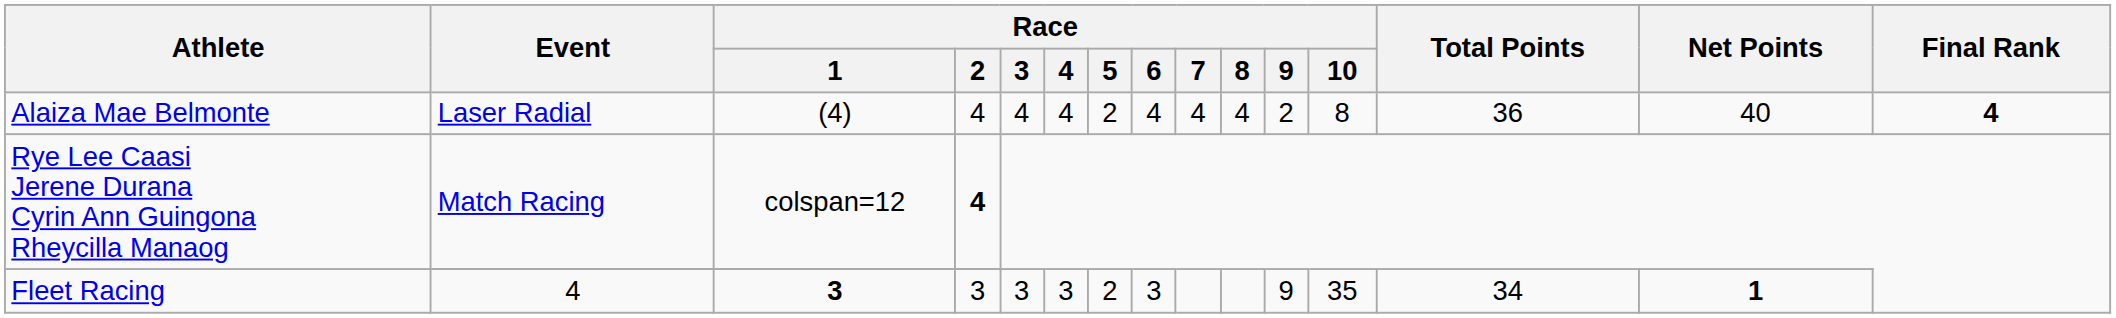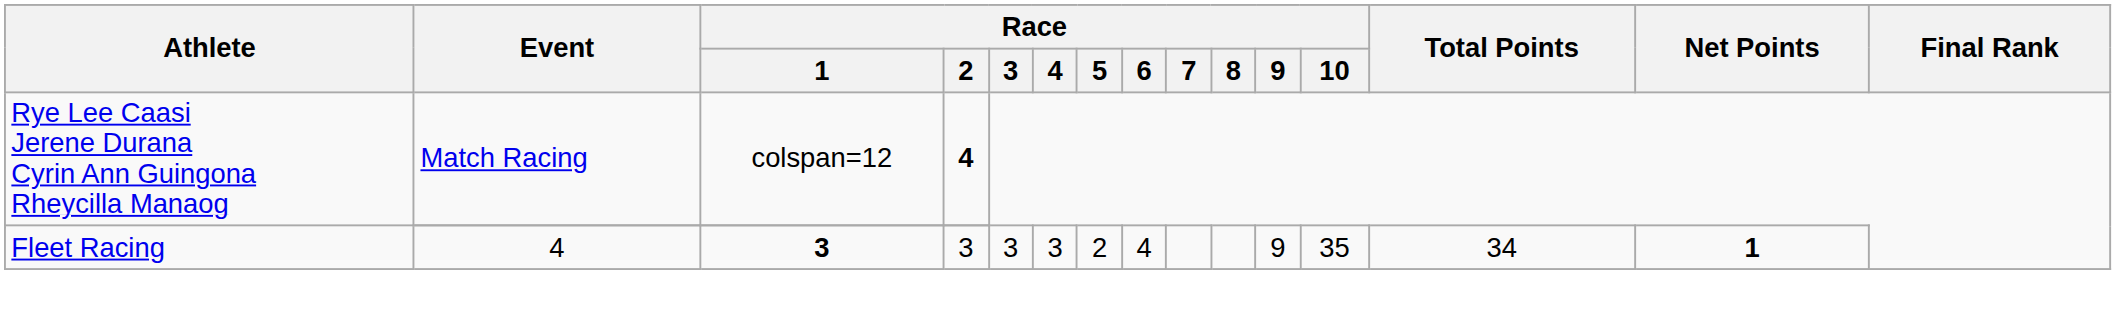 <table class="wikitable" width="70%" style="text-align:left; font-size:90%">
 <tr>
 <th rowspan=2>Athlete</th>
 <th rowspan=2>Event</th>
 <th colspan=10>Race</th>
 <th rowspan=2>Total Points</th>
 <th rowspan=2>Net Points</th>
 <th rowspan=2>Final Rank</th>
 </tr>
 <tr>
 <th>1</th>
 <th>2</th>
 <th>3</th>
 <th>4</th>
 <th>5</th>
 <th>6</th>
 <th>7</th>
 <th>8</th>
 <th>9</th>
 <th>10</th>
 </tr>
 <tr align=center>
-<td align=left><a href='#'>Alaiza Mae Belmonte</a></td>
-<td align=left><a href='#'>Laser Radial</a></td>
-<td>(4)</td>
-<td>4</td>
-<td>4</td>
-<td>4</td>
-<td>2</td>
-<td>4</td>
-<td>4</td>
-<td>4</td>
-<td>2</td>
-<td>8</td>
-<td>36</td>
-<td>40</td>
-<td><strong>4</strong></td>
-</tr>
-<tr align=center>
 <td rowspan=2 align=left><a href='#'>Rye Lee Caasi</a><br><a href='#'>Jerene Durana</a><br><a href='#'>Cyrin Ann Guingona</a><br><a href='#'>Rheycilla Manaog</a></td>
 <td align=left><a href='#'>Match Racing</a></td>
 <td>colspan=12  </td>
 <td><strong>4</strong></td>
 </tr>
 <tr>
 </tr>
 <tr align=center>
 <td align=left><a href='#'>Fleet Racing</a></td>
 <td>4</td>
 <td><strong>3</strong></td>
 <td>3</td>
 <td>3</td>
 <td>3</td>
 <td>2</td>
-<td>3</td>
+<td>4</td>
 <td></td>
 <td></td>
 <td>9</td>
 <td>35</td>
 <td>34</td>
 <td><strong>1</strong></td>
 </tr>
 </table>
